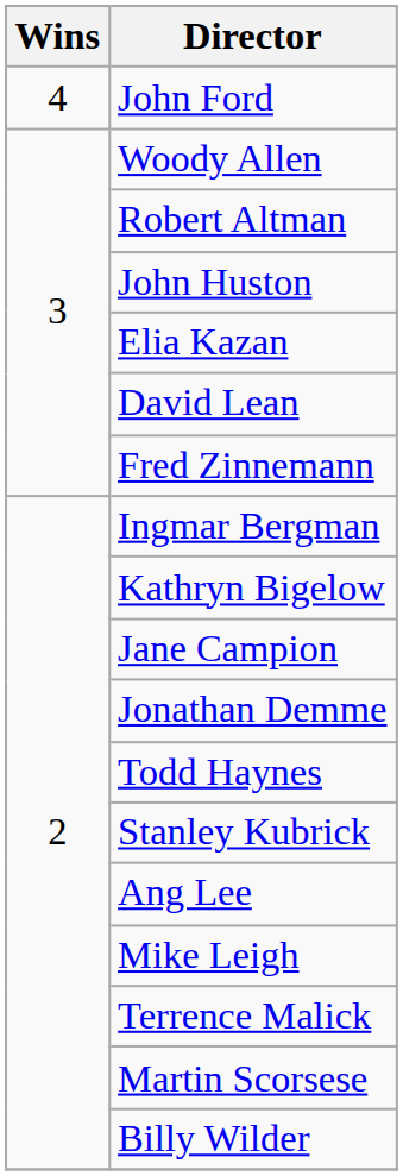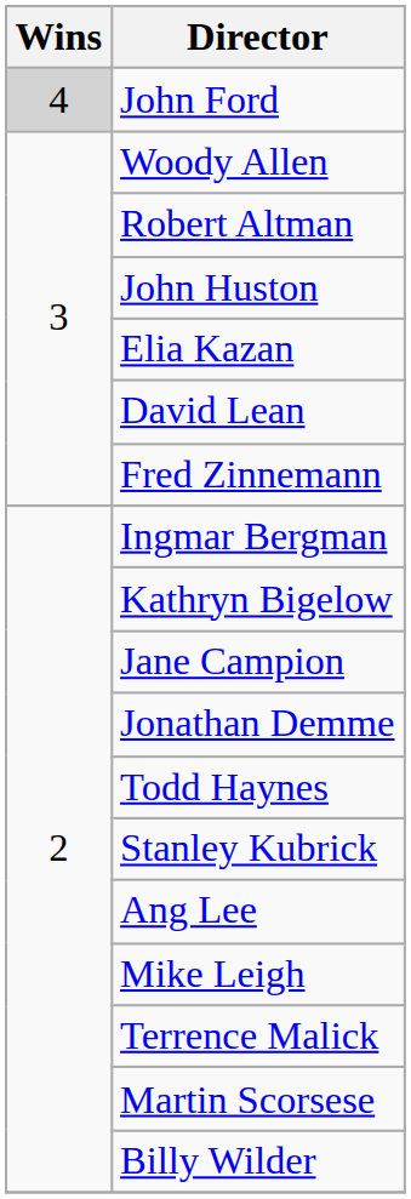 <table class="wikitable sortable">
 <tr>
 <th>Wins</th>
 <th>Director</th>
 </tr>
 <tr>
-<td rowspan="1" style="text-align:center">4</td>
+<td rowspan="1" style="background: lightgrey; text-align:center">4</td>
 <td> <a href='#'>John Ford</a></td>
 </tr>
 <tr>
 <td rowspan="6" style="text-align:center">3</td>
 <td> <a href='#'>Woody Allen</a></td>
 </tr>
 <tr>
 <td> <a href='#'>Robert Altman</a></td>
 </tr>
 <tr>
 <td> <a href='#'>John Huston</a></td>
 </tr>
 <tr>
 <td> <a href='#'>Elia Kazan</a></td>
 </tr>
 <tr>
 <td> <a href='#'>David Lean</a></td>
 </tr>
 <tr>
 <td> <a href='#'>Fred Zinnemann</a></td>
 </tr>
 <tr>
 <td rowspan="11" style="text-align:center">2</td>
 <td> <a href='#'>Ingmar Bergman</a></td>
 </tr>
 <tr>
 <td> <a href='#'>Kathryn Bigelow</a></td>
 </tr>
 <tr>
 <td> <a href='#'>Jane Campion</a></td>
 </tr>
 <tr>
 <td> <a href='#'>Jonathan Demme</a></td>
 </tr>
 <tr>
 <td> <a href='#'>Todd Haynes</a></td>
 </tr>
 <tr>
 <td> <a href='#'>Stanley Kubrick</a></td>
 </tr>
 <tr>
 <td> <a href='#'>Ang Lee</a></td>
 </tr>
 <tr>
 <td> <a href='#'>Mike Leigh</a></td>
 </tr>
 <tr>
 <td> <a href='#'>Terrence Malick</a></td>
 </tr>
 <tr>
 <td> <a href='#'>Martin Scorsese</a></td>
 </tr>
 <tr>
 <td> <a href='#'>Billy Wilder</a></td>
 </tr>
 <tr>
 </tr>
 </table>
